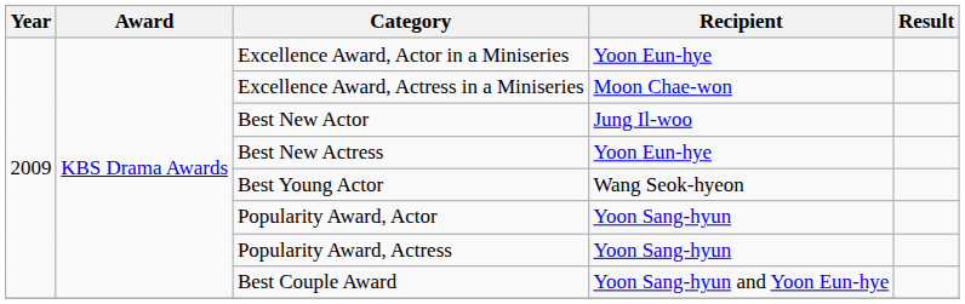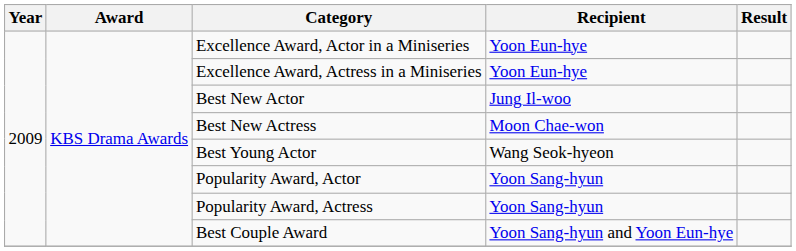 <table class="wikitable">
 <tr>
 <th>Year</th>
 <th>Award</th>
 <th>Category</th>
 <th>Recipient</th>
 <th>Result</th>
 </tr>
 <tr>
 <td rowspan=8>2009</td>
 <td rowspan=8><a href='#'>KBS Drama Awards</a></td>
 <td>Excellence Award, Actor in a Miniseries</td>
 <td><a href='#'>Yoon Eun-hye</a></td>
 <td></td>
 </tr>
 <tr>
 <td>Excellence Award, Actress in a Miniseries</td>
-<td><a href='#'>Moon Chae-won</a></td>
+<td><a href='#'>Yoon Eun-hye</a></td>
 <td></td>
 </tr>
 <tr>
 <td>Best New Actor</td>
 <td><a href='#'>Jung Il-woo</a></td>
 <td></td>
 </tr>
 <tr>
 <td>Best New Actress</td>
-<td><a href='#'>Yoon Eun-hye</a></td>
+<td><a href='#'>Moon Chae-won</a></td>
 <td></td>
 </tr>
 <tr>
 <td>Best Young Actor</td>
 <td>Wang Seok-hyeon</td>
 <td></td>
 </tr>
 <tr>
 <td>Popularity Award, Actor</td>
 <td><a href='#'>Yoon Sang-hyun</a></td>
 <td></td>
 </tr>
 <tr>
 <td>Popularity Award, Actress</td>
 <td><a href='#'>Yoon Sang-hyun</a></td>
 <td></td>
 </tr>
 <tr>
 <td>Best Couple Award</td>
 <td><a href='#'>Yoon Sang-hyun</a> and <a href='#'>Yoon Eun-hye</a></td>
 <td></td>
 </tr>
 <tr>
 </tr>
 </table>
